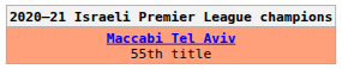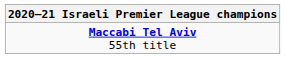 <table class=wikitable style="text-align:center; margin:auto">
 <tr>
 <th>2020–21 Israeli Premier League champions</th>
 </tr>
 <tr>
-<td style="background: lightsalmon;"><strong><a href='#'>Maccabi Tel Aviv</a></strong><br>55th title</td>
+<td><strong><a href='#'>Maccabi Tel Aviv</a></strong><br>55th title</td>
 </tr>
 </table>
